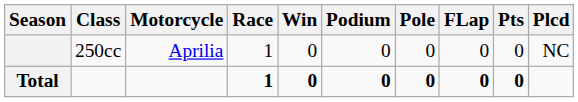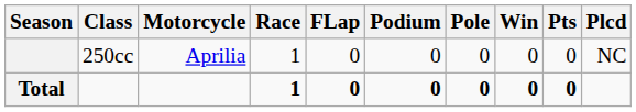 <table class="wikitable">
 <tr>
 <th>Season</th>
 <th>Class</th>
 <th>Motorcycle</th>
 <th>Race</th>
-<th>Win</th>
+<th>FLap</th>
 <th>Podium</th>
 <th>Pole</th>
-<th>FLap</th>
+<th>Win</th>
 <th>Pts</th>
 <th>Plcd</th>
 </tr>
 <tr align="right">
 <th></th>
 <td>250cc</td>
 <td><a href='#'>Aprilia</a></td>
 <td>1</td>
 <td>0</td>
 <td>0</td>
 <td>0</td>
 <td>0</td>
 <td>0</td>
 <td>NC</td>
 </tr>
 <tr align="right">
 <th>Total</th>
 <td></td>
 <td></td>
 <td><strong>1</strong></td>
 <td><strong>0</strong></td>
 <td><strong>0</strong></td>
 <td><strong>0</strong></td>
 <td><strong>0</strong></td>
 <td><strong>0</strong></td>
 <td></td>
 </tr>
 </table>
